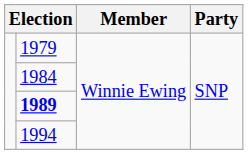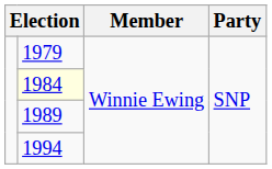 <table class="wikitable">
 <tr>
 <th colspan="2">Election</th>
 <th>Member</th>
 <th>Party</th>
 </tr>
 <tr>
 <td rowspan="4" style="background-color: "></td>
 <td><a href='#'>1979</a></td>
 <td rowspan="4"><a href='#'>Winnie Ewing</a></td>
 <td rowspan="4"><a href='#'>SNP</a></td>
 </tr>
 <tr>
-<td><a href='#'>1984</a></td>
+<td style="background: lightyellow;"><a href='#'>1984</a></td>
 </tr>
 <tr>
-<td><strong><a href='#'>1989</a></strong></td>
+<td><a href='#'>1989</a></td>
 </tr>
 <tr>
 <td><a href='#'>1994</a></td>
 </tr>
 </table>
